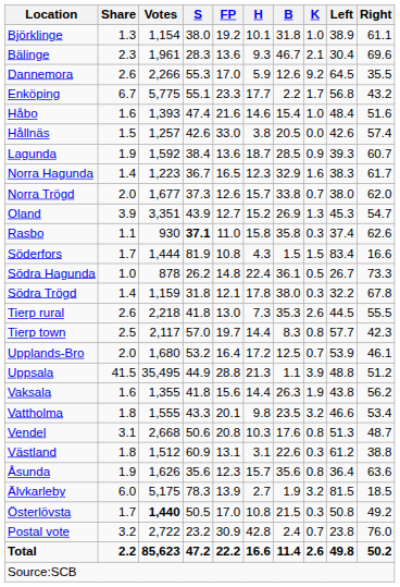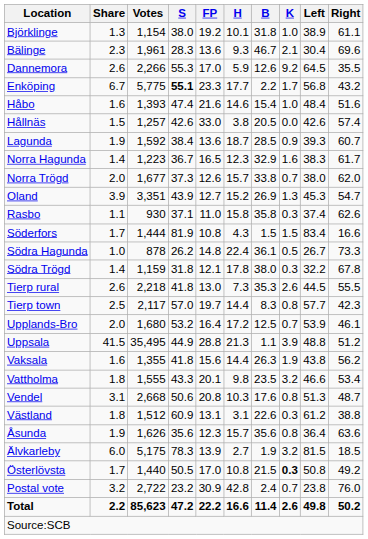 <table class="wikitable sortable" style=text-align:right>
 <tr>
 <th>Location</th>
 <th>Share</th>
 <th>Votes</th>
 <th><a href='#'>S</a></th>
 <th><a href='#'>FP</a></th>
 <th><a href='#'>H</a></th>
 <th><a href='#'>B</a></th>
 <th><a href='#'>K</a></th>
 <th>Left</th>
 <th>Right</th>
 </tr>
 <tr>
 <td align=left><a href='#'>Björklinge</a></td>
 <td>1.3</td>
 <td>1,154</td>
 <td>38.0</td>
 <td>19.2</td>
 <td>10.1</td>
 <td>31.8</td>
 <td>1.0</td>
 <td>38.9</td>
 <td>61.1</td>
 </tr>
 <tr>
 <td align=left><a href='#'>Bälinge</a></td>
 <td>2.3</td>
 <td>1,961</td>
 <td>28.3</td>
 <td>13.6</td>
 <td>9.3</td>
 <td>46.7</td>
 <td>2.1</td>
 <td>30.4</td>
 <td>69.6</td>
 </tr>
 <tr>
 <td align=left><a href='#'>Dannemora</a></td>
 <td>2.6</td>
 <td>2,266</td>
 <td>55.3</td>
 <td>17.0</td>
 <td>5.9</td>
 <td>12.6</td>
 <td>9.2</td>
 <td>64.5</td>
 <td>35.5</td>
 </tr>
 <tr>
 <td align=left><a href='#'>Enköping</a></td>
 <td>6.7</td>
 <td>5,775</td>
-<td>55.1</td>
+<td><strong>55.1</strong></td>
 <td>23.3</td>
 <td>17.7</td>
 <td>2.2</td>
 <td>1.7</td>
 <td>56.8</td>
 <td>43.2</td>
 </tr>
 <tr>
 <td align=left><a href='#'>Håbo</a></td>
 <td>1.6</td>
 <td>1,393</td>
 <td>47.4</td>
 <td>21.6</td>
 <td>14.6</td>
 <td>15.4</td>
 <td>1.0</td>
 <td>48.4</td>
 <td>51.6</td>
 </tr>
 <tr>
 <td align=left><a href='#'>Hållnäs</a></td>
 <td>1.5</td>
 <td>1,257</td>
 <td>42.6</td>
 <td>33.0</td>
 <td>3.8</td>
 <td>20.5</td>
 <td>0.0</td>
 <td>42.6</td>
 <td>57.4</td>
 </tr>
 <tr>
 <td align=left><a href='#'>Lagunda</a></td>
 <td>1.9</td>
 <td>1,592</td>
 <td>38.4</td>
 <td>13.6</td>
 <td>18.7</td>
 <td>28.5</td>
 <td>0.9</td>
 <td>39.3</td>
 <td>60.7</td>
 </tr>
 <tr>
 <td align=left><a href='#'>Norra Hagunda</a></td>
 <td>1.4</td>
 <td>1,223</td>
 <td>36.7</td>
 <td>16.5</td>
 <td>12.3</td>
 <td>32.9</td>
 <td>1.6</td>
 <td>38.3</td>
 <td>61.7</td>
 </tr>
 <tr>
 <td align=left><a href='#'>Norra Trögd</a></td>
 <td>2.0</td>
 <td>1,677</td>
 <td>37.3</td>
 <td>12.6</td>
 <td>15.7</td>
 <td>33.8</td>
 <td>0.7</td>
 <td>38.0</td>
 <td>62.0</td>
 </tr>
 <tr>
 <td align=left><a href='#'>Oland</a></td>
 <td>3.9</td>
 <td>3,351</td>
 <td>43.9</td>
 <td>12.7</td>
 <td>15.2</td>
 <td>26.9</td>
 <td>1.3</td>
 <td>45.3</td>
 <td>54.7</td>
 </tr>
 <tr>
 <td align=left><a href='#'>Rasbo</a></td>
 <td>1.1</td>
 <td>930</td>
-<td><strong>37.1</strong></td>
+<td>37.1</td>
 <td>11.0</td>
 <td>15.8</td>
 <td>35.8</td>
 <td>0.3</td>
 <td>37.4</td>
 <td>62.6</td>
 </tr>
 <tr>
 <td align=left><a href='#'>Söderfors</a></td>
 <td>1.7</td>
 <td>1,444</td>
 <td>81.9</td>
 <td>10.8</td>
 <td>4.3</td>
 <td>1.5</td>
 <td>1.5</td>
 <td>83.4</td>
 <td>16.6</td>
 </tr>
 <tr>
 <td align=left><a href='#'>Södra Hagunda</a></td>
 <td>1.0</td>
 <td>878</td>
 <td>26.2</td>
 <td>14.8</td>
 <td>22.4</td>
 <td>36.1</td>
 <td>0.5</td>
 <td>26.7</td>
 <td>73.3</td>
 </tr>
 <tr>
 <td align=left><a href='#'>Södra Trögd</a></td>
 <td>1.4</td>
 <td>1,159</td>
 <td>31.8</td>
 <td>12.1</td>
 <td>17.8</td>
 <td>38.0</td>
 <td>0.3</td>
 <td>32.2</td>
 <td>67.8</td>
 </tr>
 <tr>
 <td align=left><a href='#'>Tierp rural</a></td>
 <td>2.6</td>
 <td>2,218</td>
 <td>41.8</td>
 <td>13.0</td>
 <td>7.3</td>
 <td>35.3</td>
 <td>2.6</td>
 <td>44.5</td>
 <td>55.5</td>
 </tr>
 <tr>
 <td align=left><a href='#'>Tierp town</a></td>
 <td>2.5</td>
 <td>2,117</td>
 <td>57.0</td>
 <td>19.7</td>
 <td>14.4</td>
 <td>8.3</td>
 <td>0.8</td>
 <td>57.7</td>
 <td>42.3</td>
 </tr>
 <tr>
 <td align=left><a href='#'>Upplands-Bro</a></td>
 <td>2.0</td>
 <td>1,680</td>
 <td>53.2</td>
 <td>16.4</td>
 <td>17.2</td>
 <td>12.5</td>
 <td>0.7</td>
 <td>53.9</td>
 <td>46.1</td>
 </tr>
 <tr>
 <td align=left><a href='#'>Uppsala</a></td>
 <td>41.5</td>
 <td>35,495</td>
 <td>44.9</td>
 <td>28.8</td>
 <td>21.3</td>
 <td>1.1</td>
 <td>3.9</td>
 <td>48.8</td>
 <td>51.2</td>
 </tr>
 <tr>
 <td align=left><a href='#'>Vaksala</a></td>
 <td>1.6</td>
 <td>1,355</td>
 <td>41.8</td>
 <td>15.6</td>
 <td>14.4</td>
 <td>26.3</td>
 <td>1.9</td>
 <td>43.8</td>
 <td>56.2</td>
 </tr>
 <tr>
 <td align=left><a href='#'>Vattholma</a></td>
 <td>1.8</td>
 <td>1,555</td>
 <td>43.3</td>
 <td>20.1</td>
 <td>9.8</td>
 <td>23.5</td>
 <td>3.2</td>
 <td>46.6</td>
 <td>53.4</td>
 </tr>
 <tr>
 <td align=left><a href='#'>Vendel</a></td>
 <td>3.1</td>
 <td>2,668</td>
 <td>50.6</td>
 <td>20.8</td>
 <td>10.3</td>
 <td>17.6</td>
 <td>0.8</td>
 <td>51.3</td>
 <td>48.7</td>
 </tr>
 <tr>
 <td align=left><a href='#'>Västland</a></td>
 <td>1.8</td>
 <td>1,512</td>
 <td>60.9</td>
 <td>13.1</td>
 <td>3.1</td>
 <td>22.6</td>
 <td>0.3</td>
 <td>61.2</td>
 <td>38.8</td>
 </tr>
 <tr>
 <td align=left><a href='#'>Åsunda</a></td>
 <td>1.9</td>
 <td>1,626</td>
 <td>35.6</td>
 <td>12.3</td>
 <td>15.7</td>
 <td>35.6</td>
 <td>0.8</td>
 <td>36.4</td>
 <td>63.6</td>
 </tr>
 <tr>
 <td align=left><a href='#'>Älvkarleby</a></td>
 <td>6.0</td>
 <td>5,175</td>
 <td>78.3</td>
 <td>13.9</td>
 <td>2.7</td>
 <td>1.9</td>
 <td>3.2</td>
 <td>81.5</td>
 <td>18.5</td>
 </tr>
 <tr>
 <td align=left><a href='#'>Österlövsta</a></td>
 <td>1.7</td>
-<td><strong>1,440</strong></td>
+<td>1,440</td>
 <td>50.5</td>
 <td>17.0</td>
 <td>10.8</td>
 <td>21.5</td>
-<td>0.3</td>
+<td><strong>0.3</strong></td>
 <td>50.8</td>
 <td>49.2</td>
 </tr>
 <tr>
 <td align=left><a href='#'>Postal vote</a></td>
 <td>3.2</td>
 <td>2,722</td>
 <td>23.2</td>
 <td>30.9</td>
 <td>42.8</td>
 <td>2.4</td>
 <td>0.7</td>
 <td>23.8</td>
 <td>76.0</td>
 </tr>
 <tr>
 <td align=left><strong>Total</strong></td>
 <td><strong>2.2</strong></td>
 <td><strong>85,623</strong></td>
 <td><strong>47.2</strong></td>
 <td><strong>22.2</strong></td>
 <td><strong>16.6</strong></td>
 <td><strong>11.4</strong></td>
 <td><strong>2.6</strong></td>
 <td><strong>49.8</strong></td>
 <td><strong>50.2</strong></td>
 </tr>
 <tr>
 <td align=left colspan=10>Source:SCB </td>
 </tr>
 </table>
